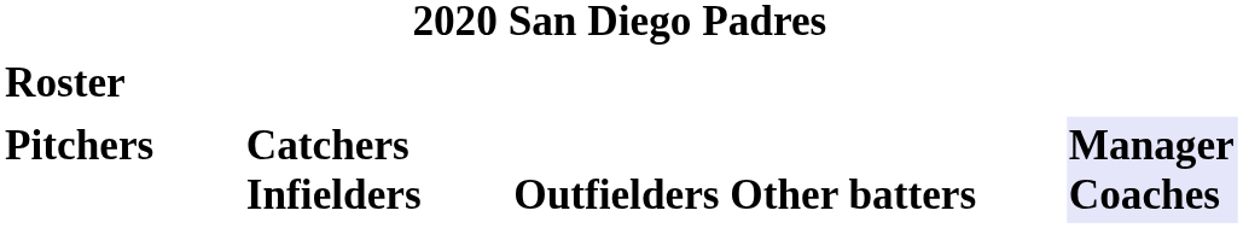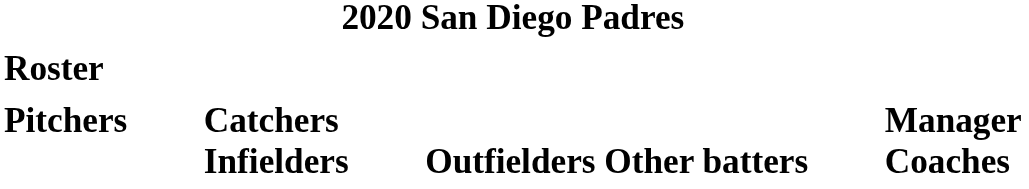 <table class="toccolours" style="font-size: 95%;">
 <tr>
 <th colspan="10">2020 San Diego Padres</th>
 </tr>
 <tr>
 <td colspan="10"><strong>Roster</strong></td>
 </tr>
 <tr>
 <td valign="top"><strong>Pitchers</strong><br>                        </td>
 <td width="25px"></td>
 <td valign="top"><strong>Catchers</strong><br>     <strong>Infielders</strong>       </td>
 <td width="25px"></td>
 <td valign="top"><br><strong>Outfielders</strong>           <strong>Other batters</strong> </td>
 <td width="25px"></td>
-<td valign="top" style="background: lavender;"><strong>Manager</strong><br> <strong>Coaches</strong>                        </td>
+<td valign="top"><strong>Manager</strong><br> <strong>Coaches</strong>                        </td>
 </tr>
 </table>
